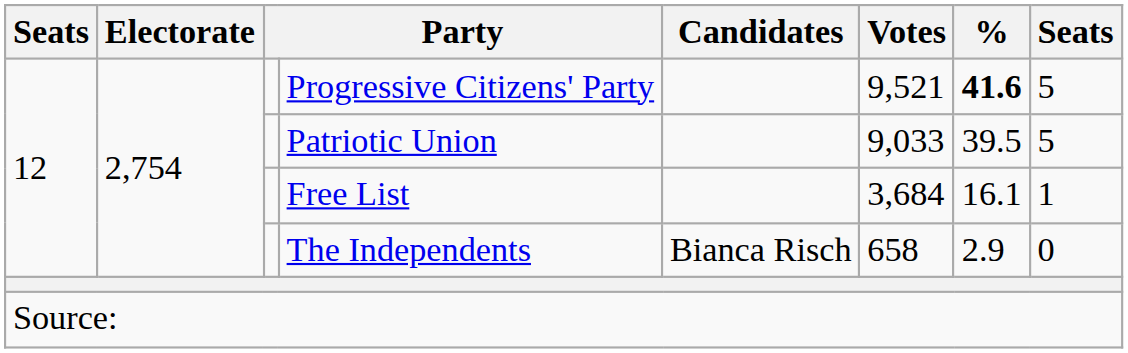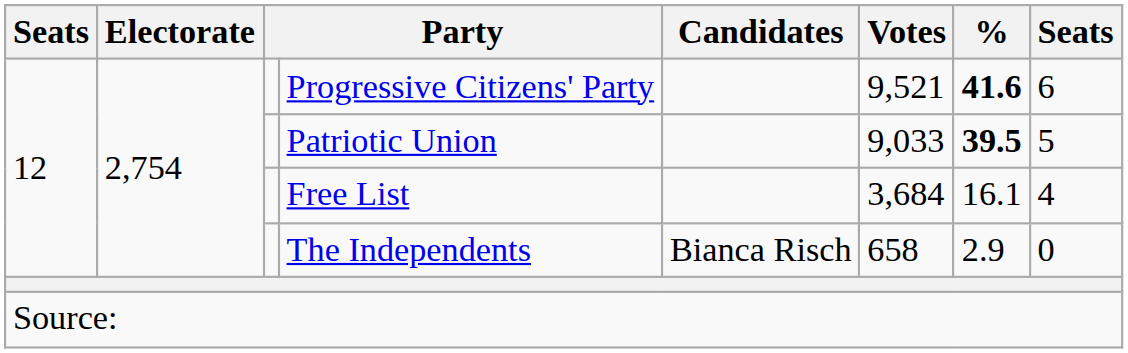 <table class="wikitable">
 <tr>
 <th>Seats</th>
 <th>Electorate</th>
 <th colspan="2">Party</th>
 <th>Candidates</th>
 <th>Votes</th>
 <th>%</th>
 <th>Seats</th>
 </tr>
 <tr>
 <td rowspan="4">12</td>
 <td rowspan="4">2,754</td>
 <td style="color:inherit;background:"></td>
 <td><a href='#'>Progressive Citizens' Party</a></td>
 <td></td>
 <td>9,521</td>
 <td><strong>41.6</strong></td>
-<td>5</td>
+<td>6</td>
 </tr>
 <tr>
 <td style="color:inherit;background:"></td>
 <td><a href='#'>Patriotic Union</a></td>
 <td></td>
 <td>9,033</td>
-<td>39.5</td>
+<td><strong>39.5</strong></td>
 <td>5</td>
 </tr>
 <tr>
 <td style="color:inherit;background:"></td>
 <td><a href='#'>Free List</a></td>
 <td></td>
 <td>3,684</td>
 <td>16.1</td>
-<td>1</td>
+<td>4</td>
 </tr>
 <tr>
 <td style="color:inherit;background:"></td>
 <td><a href='#'>The Independents</a></td>
 <td>Bianca Risch</td>
 <td>658</td>
 <td>2.9</td>
 <td>0</td>
 </tr>
 <tr>
 <th colspan="8"></th>
 </tr>
 <tr>
 <td colspan="8" style="text-align:left">Source: </td>
 </tr>
 </table>
